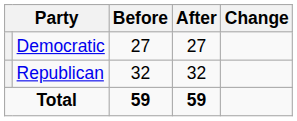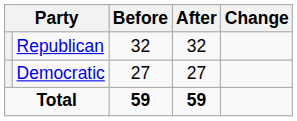 <table class="wikitable" style="text-align:center;">
 <tr>
 <th colspan="2">Party</th>
 <th>Before</th>
 <th>After</th>
 <th>Change</th>
 </tr>
 <tr>
 <th style="background-color:"></th>
-<td style="text-align:left;"><a href='#'>Democratic</a></td>
-<td>27</td>
-<td>27</td>
+<td style="text-align:left;"><a href='#'>Republican</a></td>
+<td>32</td>
+<td>32</td>
 <td></td>
 </tr>
 <tr>
 <th style="background-color:"></th>
-<td style="text-align:left;"><a href='#'>Republican</a></td>
-<td>32</td>
-<td>32</td>
+<td style="text-align:left;"><a href='#'>Democratic</a></td>
+<td>27</td>
+<td>27</td>
 <td></td>
 </tr>
 <tr>
 <td colspan="2"><strong>Total</strong></td>
 <td><strong>59</strong></td>
 <td><strong>59</strong></td>
 <td></td>
 </tr>
 </table>
